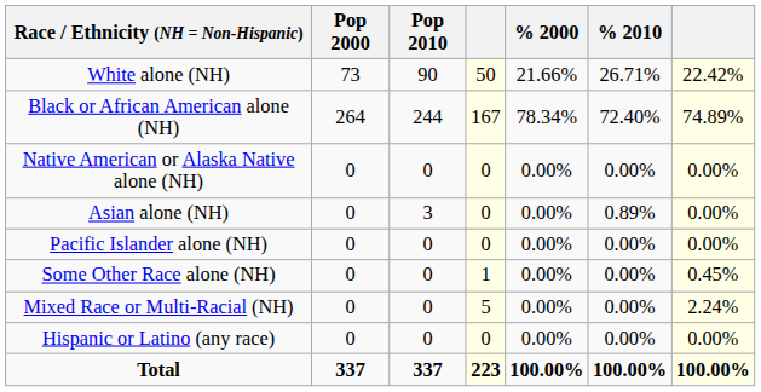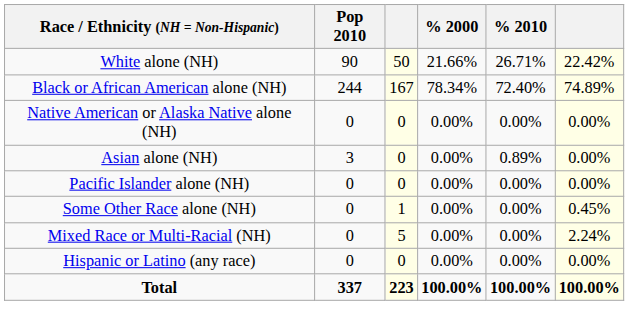 <table class="wikitable" style="text-align:center;">
 <tr>
 <th>Race / Ethnicity <small>(<em>NH = Non-Hispanic</em>)</small></th>
-<th>Pop 2000</th>
 <th>Pop 2010</th>
 <th></th>
 <th>% 2000</th>
 <th>% 2010</th>
 <th></th>
 </tr>
 <tr>
 <td><a href='#'>White</a> alone (NH)</td>
-<td>73</td>
 <td>90</td>
 <td style='background: #ffffe6;'>50</td>
 <td>21.66%</td>
 <td>26.71%</td>
 <td style='background: #ffffe6;'>22.42%</td>
 </tr>
 <tr>
 <td><a href='#'>Black or African American</a> alone (NH)</td>
-<td>264</td>
 <td>244</td>
 <td style='background: #ffffe6;'>167</td>
 <td>78.34%</td>
 <td>72.40%</td>
 <td style='background: #ffffe6;'>74.89%</td>
 </tr>
 <tr>
 <td><a href='#'>Native American</a> or <a href='#'>Alaska Native</a> alone (NH)</td>
 <td>0</td>
-<td>0</td>
 <td style='background: #ffffe6;'>0</td>
 <td>0.00%</td>
 <td>0.00%</td>
 <td style='background: #ffffe6;'>0.00%</td>
 </tr>
 <tr>
 <td><a href='#'>Asian</a> alone (NH)</td>
-<td>0</td>
 <td>3</td>
 <td style='background: #ffffe6;'>0</td>
 <td>0.00%</td>
 <td>0.89%</td>
 <td style='background: #ffffe6;'>0.00%</td>
 </tr>
 <tr>
 <td><a href='#'>Pacific Islander</a> alone (NH)</td>
 <td>0</td>
-<td>0</td>
 <td style='background: #ffffe6;'>0</td>
 <td>0.00%</td>
 <td>0.00%</td>
 <td style='background: #ffffe6;'>0.00%</td>
 </tr>
 <tr>
 <td><a href='#'>Some Other Race</a> alone (NH)</td>
-<td>0</td>
 <td>0</td>
 <td style='background: #ffffe6;'>1</td>
 <td>0.00%</td>
 <td>0.00%</td>
 <td style='background: #ffffe6;'>0.45%</td>
 </tr>
 <tr>
 <td><a href='#'>Mixed Race or Multi-Racial</a> (NH)</td>
 <td>0</td>
-<td>0</td>
 <td style='background: #ffffe6;'>5</td>
 <td>0.00%</td>
 <td>0.00%</td>
 <td style='background: #ffffe6;'>2.24%</td>
 </tr>
 <tr>
 <td><a href='#'>Hispanic or Latino</a> (any race)</td>
-<td>0</td>
 <td>0</td>
 <td style='background: #ffffe6;'>0</td>
 <td>0.00%</td>
 <td>0.00%</td>
 <td style='background: #ffffe6;'>0.00%</td>
 </tr>
 <tr>
 <td><strong>Total</strong></td>
 <td><strong>337</strong></td>
-<td><strong>337</strong></td>
 <td style='background: #ffffe6;'><strong>223</strong></td>
 <td><strong>100.00%</strong></td>
 <td><strong>100.00%</strong></td>
 <td style='background: #ffffe6;'><strong>100.00%</strong></td>
 </tr>
 </table>
